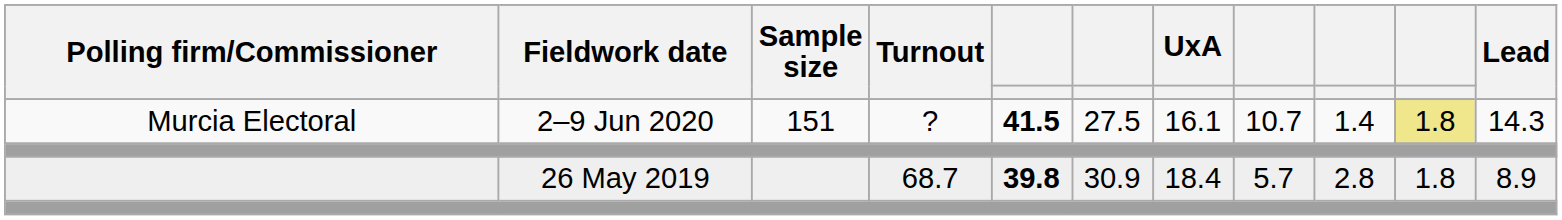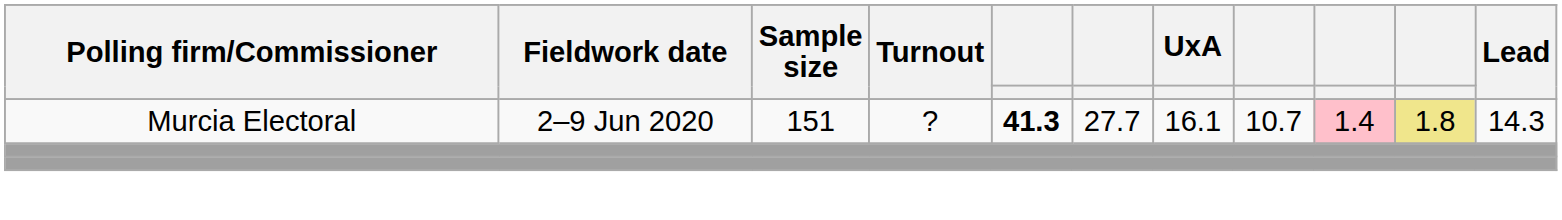 <table class="wikitable collapsible collapsed" style="text-align:center; font-size:95%; line-height:16px;">
 <tr style="height:42px;">
 <th style="width:250px;" rowspan="2">Polling firm/Commissioner</th>
 <th style="width:125px;" rowspan="2">Fieldwork date</th>
 <th style="width:50px;" rowspan="2">Sample size</th>
 <th style="width:45px;" rowspan="2">Turnout</th>
 <th style="width:35px;"></th>
 <th style="width:35px;"></th>
 <th style="width:35px;">UxA</th>
 <th style="width:35px;"></th>
 <th style="width:35px;"></th>
 <th style="width:35px;"></th>
 <th style="width:30px;" rowspan="2">Lead</th>
 </tr>
 <tr>
 <th style="color:inherit;background:"></th>
 <th style="color:inherit;background:"></th>
 <th style="color:inherit;background:"></th>
 <th style="color:inherit;background:"></th>
 <th style="color:inherit;background:"></th>
 <th style="color:inherit;background:"></th>
 </tr>
 <tr>
 <td>Murcia Electoral</td>
 <td>2–9 Jun 2020</td>
 <td>151</td>
 <td>?</td>
-<td><strong>41.5</strong><br></td>
-<td>27.5<br></td>
+<td><strong>41.3</strong><br></td>
+<td>27.7<br></td>
 <td>16.1<br></td>
 <td>10.7<br></td>
-<td>1.4<br></td>
+<td style="background: pink;">1.4<br></td>
 <td style="background: khaki;">1.8<br></td>
 <td style="background:">14.3</td>
 </tr>
 <tr>
 <td colspan="11" style="background:#A0A0A0"></td>
 </tr>
-<tr style="background:#EFEFEF;">
-<td><strong></strong></td>
-<td>26 May 2019</td>
-<td></td>
-<td>68.7</td>
-<td><strong>39.8</strong><br></td>
-<td>30.9<br></td>
-<td>18.4<br></td>
-<td>5.7<br></td>
-<td>2.8<br></td>
-<td>1.8<br></td>
-<td style="background:">8.9</td>
-</tr>
 <tr>
 <td colspan="11" style="background:#A0A0A0"></td>
 </tr>
 </table>
